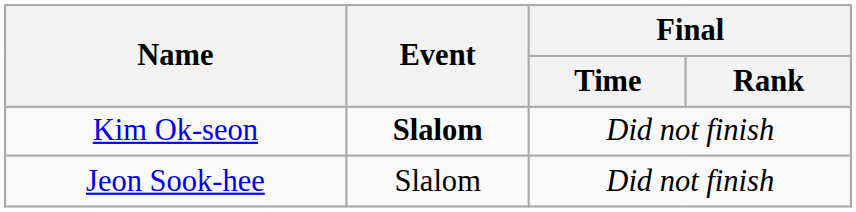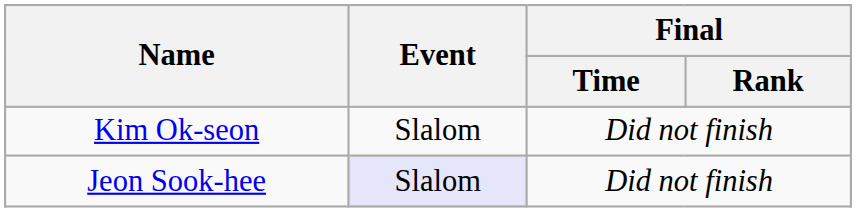 <table class="wikitable" style="font-size:90%; text-align:center; width:400px">
 <tr>
 <th rowspan=2>Name</th>
 <th rowspan=2>Event</th>
 <th colspan=2>Final</th>
 </tr>
 <tr>
 <th>Time</th>
 <th>Rank</th>
 </tr>
 <tr>
 <td><a href='#'>Kim Ok-seon</a></td>
-<td><strong>Slalom</strong></td>
+<td>Slalom</td>
 <td colspan=2><em>Did not finish</em></td>
 </tr>
 <tr>
 <td><a href='#'>Jeon Sook-hee</a></td>
-<td>Slalom</td>
+<td style="background: lavender;">Slalom</td>
 <td colspan=2><em>Did not finish</em></td>
 </tr>
 </table>
